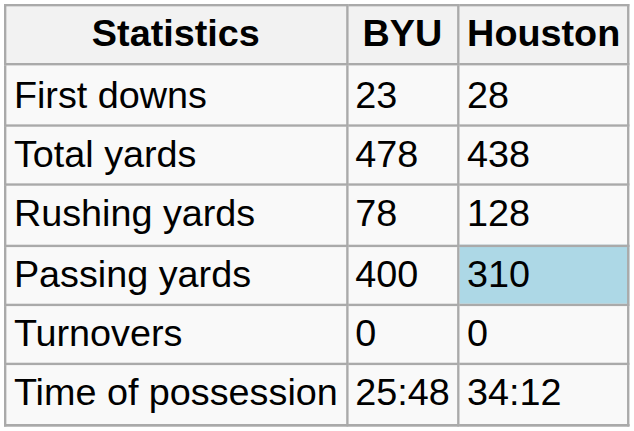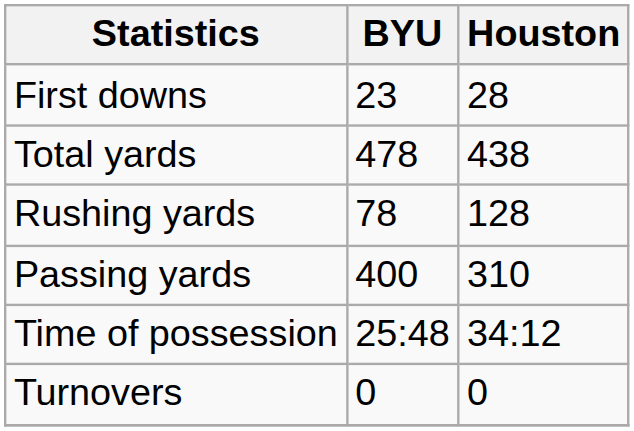 <table class="wikitable">
 <tr>
 <th>Statistics</th>
 <th>BYU</th>
 <th>Houston</th>
 </tr>
 <tr>
 <td>First downs</td>
 <td>23</td>
 <td>28</td>
 </tr>
 <tr>
 <td>Total yards</td>
 <td>478</td>
 <td>438</td>
 </tr>
 <tr>
 <td>Rushing yards</td>
 <td>78</td>
 <td>128</td>
 </tr>
 <tr>
 <td>Passing yards</td>
 <td>400</td>
-<td style="background: lightblue;">310</td>
+<td>310</td>
+</tr>
+<tr>
+<td>Time of possession</td>
+<td>25:48</td>
+<td>34:12</td>
 </tr>
 <tr>
 <td>Turnovers</td>
 <td>0</td>
 <td>0</td>
 </tr>
 <tr>
-<td>Time of possession</td>
-<td>25:48</td>
-<td>34:12</td>
-</tr>
-<tr>
 </tr>
 </table>
